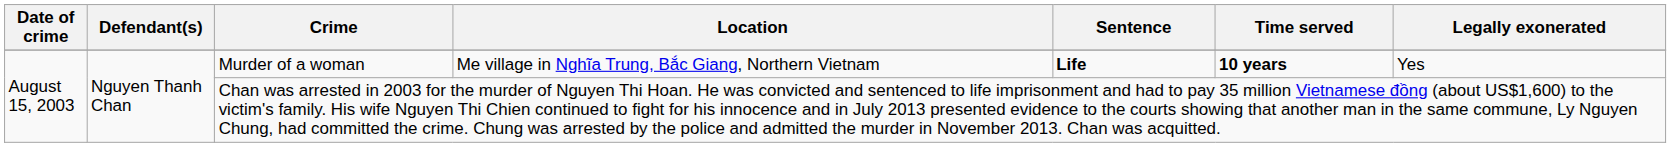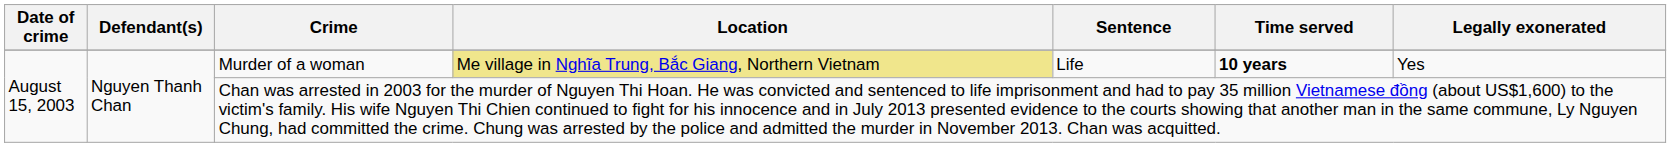 <table class="wikitable sortable">
 <tr>
 <th>Date of crime</th>
 <th>Defendant(s)</th>
 <th>Crime</th>
 <th>Location</th>
 <th>Sentence</th>
 <th>Time served</th>
 <th>Legally exonerated</th>
 </tr>
 <tr>
 </tr>
 <tr ->
 <td rowspan="2">August 15, 2003</td>
 <td rowspan="2">Nguyen Thanh Chan</td>
 <td>Murder of a woman</td>
-<td>Me village in <a href='#'>Nghĩa Trung, Bắc Giang</a>, Northern Vietnam</td>
-<td><strong>Life</strong></td>
+<td style="background: khaki;">Me village in <a href='#'>Nghĩa Trung, Bắc Giang</a>, Northern Vietnam</td>
+<td>Life</td>
 <td><strong>10 years</strong></td>
 <td>Yes</td>
 </tr>
 <tr>
 <td colspan=5>Chan was arrested in 2003 for the murder of Nguyen Thi Hoan. He was convicted and sentenced to life imprisonment and had to pay 35 million <a href='#'>Vietnamese đồng</a> (about US$1,600) to the victim's family. His wife Nguyen Thi Chien continued to fight for his innocence and in July 2013 presented evidence to the courts showing that another man in the same commune, Ly Nguyen Chung, had committed the crime. Chung was arrested by the police and admitted the murder in November 2013. Chan was acquitted.</td>
 </tr>
 </table>
